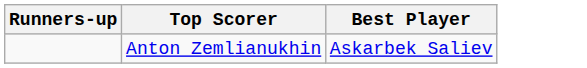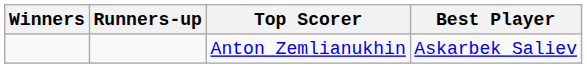 <table class="wikitable" style="text-align: center">
 <tr>
+<th>Winners</th>
 <th>Runners-up</th>
 <th>Top Scorer</th>
 <th>Best Player</th>
 </tr>
 <tr>
 <td></td>
+<td></td>
 <td> <a href='#'>Anton Zemlianukhin</a></td>
 <td> <a href='#'>Askarbek Saliev</a></td>
 </tr>
 </table>
